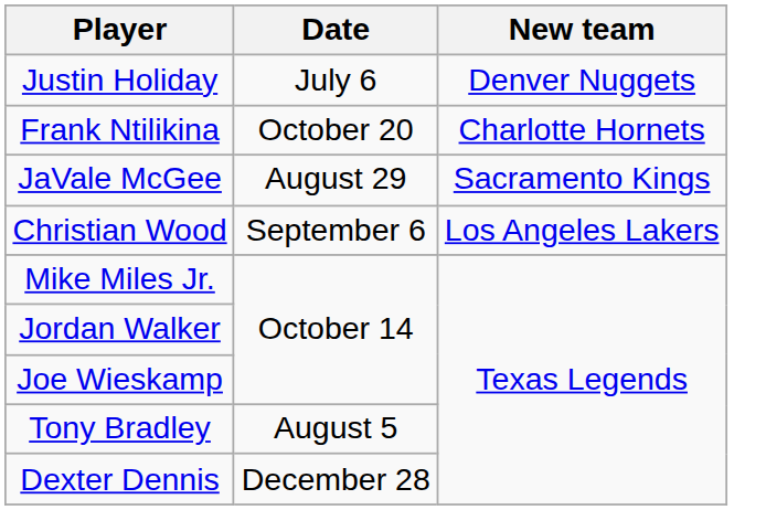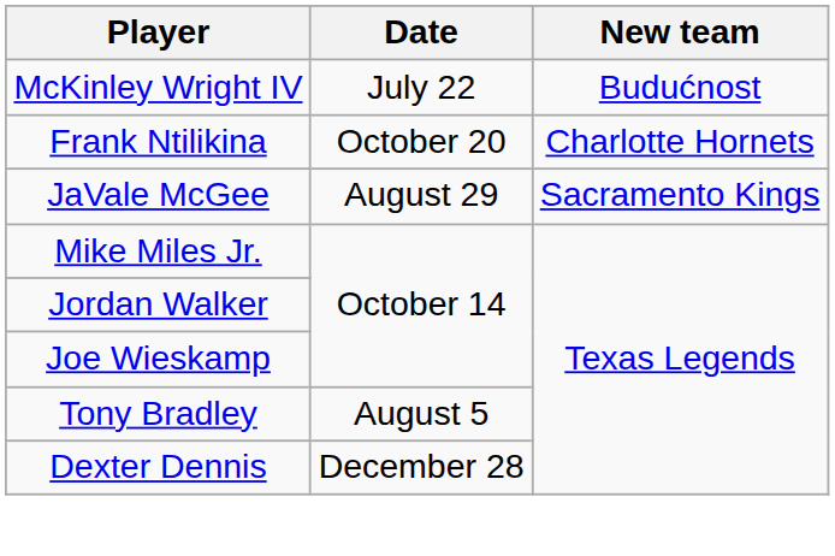 <table class="wikitable sortable sortable" style="text-align: center">
 <tr>
 <th>Player</th>
 <th>Date</th>
 <th>New team</th>
 </tr>
 <tr>
-<td><a href='#'>Justin Holiday</a></td>
-<td>July 6</td>
-<td><a href='#'>Denver Nuggets</a></td>
+<td><a href='#'>McKinley Wright IV</a></td>
+<td>July 22</td>
+<td> <a href='#'>Budućnost</a></td>
 </tr>
 <tr>
 <td><a href='#'>Frank Ntilikina</a></td>
 <td>October 20</td>
 <td><a href='#'>Charlotte Hornets</a></td>
 </tr>
 <tr>
 <td><a href='#'>JaVale McGee</a></td>
 <td>August 29</td>
 <td><a href='#'>Sacramento Kings</a></td>
-</tr>
-<tr>
-<td><a href='#'>Christian Wood</a></td>
-<td>September 6</td>
-<td><a href='#'>Los Angeles Lakers</a></td>
 </tr>
 <tr>
 <td><a href='#'>Mike Miles Jr.</a></td>
 <td rowspan=3>October 14</td>
 <td rowspan=5><a href='#'>Texas Legends</a></td>
 </tr>
 <tr>
 <td><a href='#'>Jordan Walker</a></td>
 </tr>
 <tr>
 <td><a href='#'>Joe Wieskamp</a></td>
 </tr>
 <tr>
 <td><a href='#'>Tony Bradley</a></td>
 <td>August 5</td>
 </tr>
 <tr>
 <td><a href='#'>Dexter Dennis</a></td>
 <td>December 28</td>
 </tr>
 </table>
